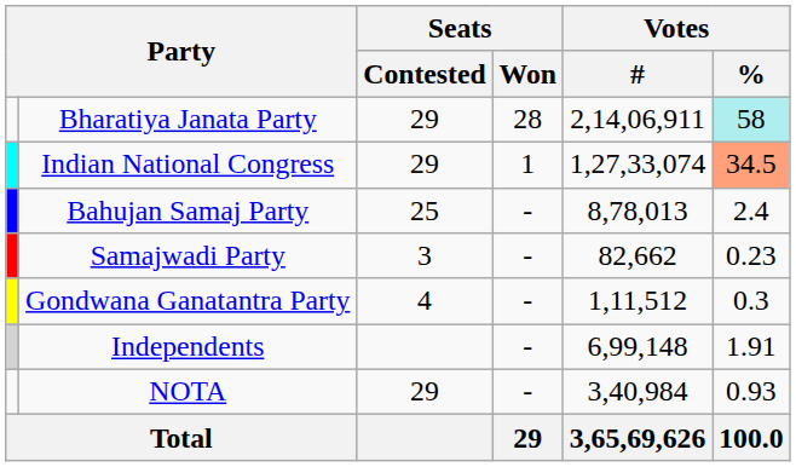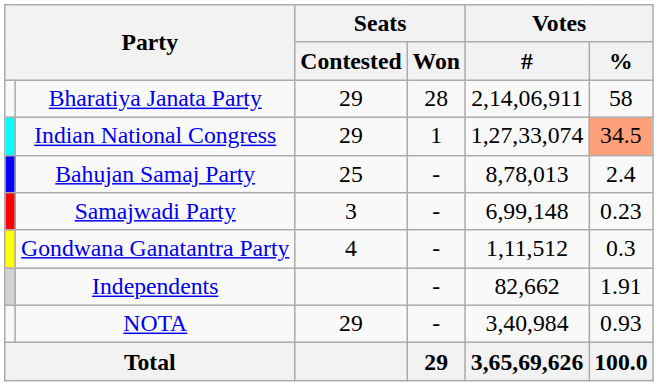 <table class="wikitable" style="text-align: center">
 <tr>
 <th rowspan=2 colspan=2>Party</th>
 <th colspan=2>Seats</th>
 <th colspan=2>Votes</th>
 </tr>
 <tr>
 <th>Contested</th>
 <th>Won</th>
 <th>#</th>
 <th>%</th>
 </tr>
 <tr>
 <td style="background:"></td>
 <td><a href='#'>Bharatiya Janata Party</a></td>
 <td>29</td>
 <td>28</td>
 <td>2,14,06,911</td>
-<td style="background: paleturquoise;">58</td>
+<td>58</td>
 </tr>
 <tr>
 <td bgcolor=cyan></td>
 <td><a href='#'>Indian National Congress</a></td>
 <td>29</td>
 <td>1</td>
 <td>1,27,33,074</td>
 <td style="background: lightsalmon;">34.5</td>
 </tr>
 <tr>
 <td bgcolor=blue></td>
 <td><a href='#'>Bahujan Samaj Party</a></td>
 <td>25</td>
 <td>-</td>
 <td>8,78,013</td>
 <td>2.4</td>
 </tr>
 <tr>
 <td bgcolor=red></td>
 <td><a href='#'>Samajwadi Party</a></td>
 <td>3</td>
 <td>-</td>
-<td>82,662</td>
+<td>6,99,148</td>
 <td>0.23</td>
 </tr>
 <tr>
 <td bgcolor=yellow></td>
 <td><a href='#'>Gondwana Ganatantra Party</a></td>
 <td>4</td>
 <td>-</td>
 <td>1,11,512</td>
 <td>0.3</td>
 </tr>
 <tr>
 <td Bgcolor=lightgray></td>
 <td><a href='#'>Independents</a></td>
 <td></td>
 <td>-</td>
-<td>6,99,148</td>
+<td>82,662</td>
 <td>1.91</td>
 </tr>
 <tr>
 <td></td>
 <td><a href='#'>NOTA</a></td>
 <td>29</td>
 <td>-</td>
 <td>3,40,984</td>
 <td>0.93</td>
 </tr>
 <tr>
 <th colspan=2>Total</th>
 <th></th>
 <th>29</th>
 <th>3,65,69,626</th>
 <th>100.0</th>
 </tr>
 </table>
